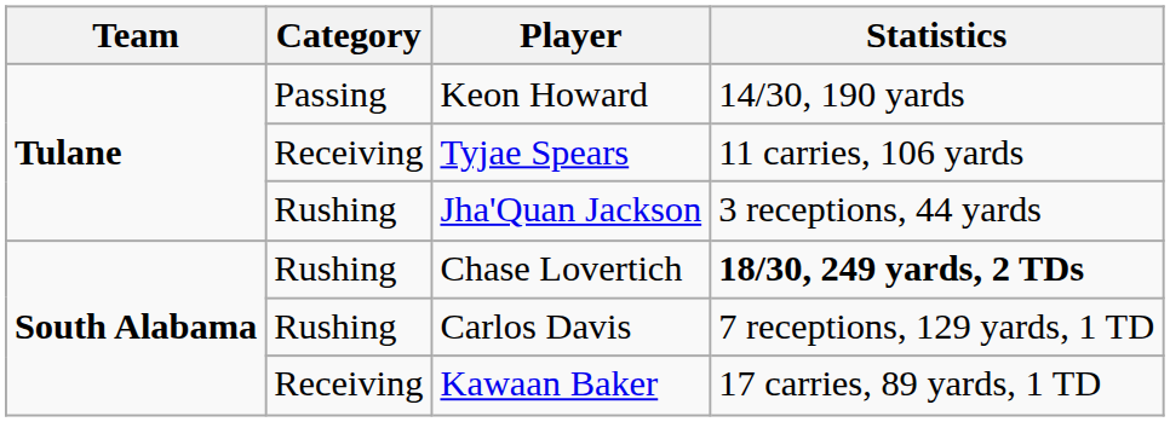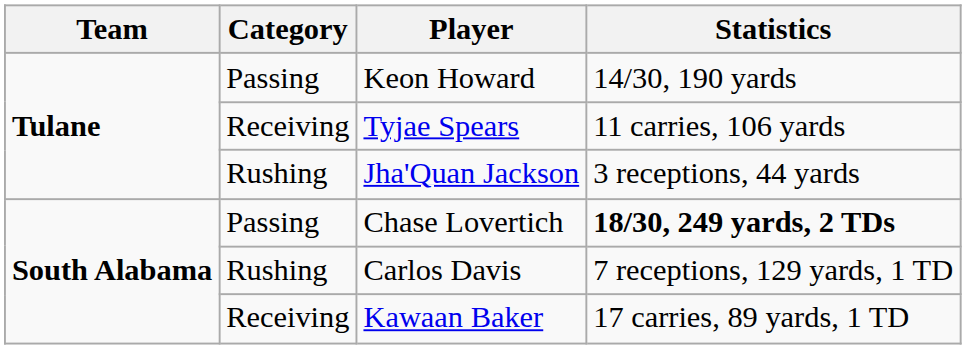 <table class="wikitable" style="float: left;">
 <tr>
 <th>Team</th>
 <th>Category</th>
 <th>Player</th>
 <th>Statistics</th>
 </tr>
 <tr>
 <td rowspan=3><strong>Tulane</strong></td>
 <td>Passing</td>
 <td>Keon Howard</td>
 <td>14/30, 190 yards</td>
 </tr>
 <tr>
 <td>Receiving</td>
 <td><a href='#'>Tyjae Spears</a></td>
 <td>11 carries, 106 yards</td>
 </tr>
 <tr>
 <td>Rushing</td>
 <td><a href='#'>Jha'Quan Jackson</a></td>
 <td>3 receptions, 44 yards</td>
 </tr>
 <tr>
 <td rowspan=3><strong>South Alabama</strong></td>
-<td>Rushing</td>
+<td>Passing</td>
 <td>Chase Lovertich</td>
 <td><strong>18/30, 249 yards, 2 TDs</strong></td>
 </tr>
 <tr>
 <td>Rushing</td>
 <td>Carlos Davis</td>
 <td>7 receptions, 129 yards, 1 TD</td>
 </tr>
 <tr>
 <td>Receiving</td>
 <td><a href='#'>Kawaan Baker</a></td>
 <td>17 carries, 89 yards, 1 TD</td>
 </tr>
 </table>
